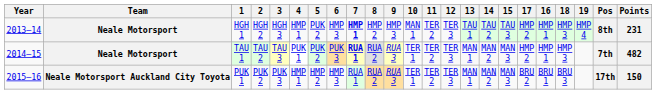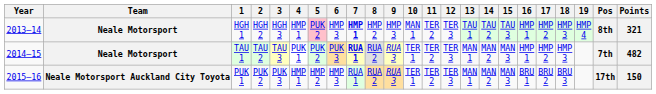 <table class="wikitable" style="text-align:center; font-size:85%">
 <tr>
 <th>Year</th>
 <th>Team</th>
 <th>1</th>
 <th>2</th>
 <th>3</th>
 <th>4</th>
 <th>5</th>
 <th>6</th>
 <th>7</th>
 <th>8</th>
 <th>9</th>
 <th>10</th>
 <th>11</th>
 <th>12</th>
 <th>13</th>
 <th>14</th>
 <th>15</th>
+<th>16</th>
 <th>17</th>
-<th>16</th>
 <th>18</th>
 <th>19</th>
 <th>Pos</th>
 <th>Points</th>
 </tr>
 <tr>
 <td nowrap><a href='#'>2013–14</a></td>
 <th nowrap>Neale Motorsport</th>
 <td><a href='#'>HGH<br>1</a></td>
 <td><a href='#'>HGH<br>2</a></td>
 <td><a href='#'>HGH<br>3</a></td>
 <td><a href='#'>HMP<br>1</a></td>
-<td><a href='#'>PUK<br>2</a></td>
+<td style="background: pink;"><a href='#'>PUK<br>2</a></td>
 <td><a href='#'>HMP<br>3</a></td>
 <td><strong><a href='#'>HMP<br>1</a></strong></td>
 <td><a href='#'>HMP<br>2</a></td>
 <td><a href='#'>HMP<br>3</a></td>
 <td><a href='#'>MAN<br>1</a></td>
 <td><a href='#'>TER<br>2</a></td>
 <td><a href='#'>TER<br>3</a></td>
 <td style="background:#DFFFDF;"><a href='#'>TAU<br>1</a><br></td>
 <td style="background:#DFFFDF;"><a href='#'>TAU<br>2</a><br></td>
 <td style="background:#DFFFDF;"><a href='#'>TAU<br>3</a><br></td>
+<td style="background:#DFFFDF;"><a href='#'>HMP<br>1</a><br></td>
 <td style="background:#DFFFDF;"><a href='#'>HMP<br>2</a><br></td>
-<td style="background:#DFFFDF;"><a href='#'>HMP<br>1</a><br></td>
 <td style="background:#DFFFDF;"><a href='#'>HMP<br>3</a><br></td>
 <td style="background:#DFFFDF;"><a href='#'>HMP<br>4</a><br></td>
 <th>8th</th>
-<th>231</th>
+<th>321</th>
 </tr>
 <tr>
 <td nowrap><a href='#'>2014–15</a></td>
 <th nowrap>Neale Motorsport</th>
 <td style="background:#DFFFDF;"><a href='#'>TAU<br>1</a><br></td>
 <td style="background:#DFFFDF;"><a href='#'>TAU<br>2</a><br></td>
 <td style="background:#FFFFBF;"><a href='#'>TAU<br>3</a><br></td>
 <td style="background:#FFFFFF;"><a href='#'>PUK<br>1</a><br></td>
 <td style="background:#DFFFDF;"><a href='#'>PUK<br>2</a><br></td>
 <td style="background:#FFDF9F;"><a href='#'>PUK<br>3</a><br></td>
 <td style="background:#FFFFBF;"><strong><a href='#'>RUA<br>1</a></strong><br></td>
 <td style="background:#DFDFDF;"><a href='#'>RUA<br>2</a><br></td>
 <td style="background:#FFFFBF;"><em><a href='#'>RUA<br>3</a></em><br></td>
 <td><a href='#'>TER<br>1</a></td>
 <td><a href='#'>TER<br>2</a></td>
 <td><a href='#'>TER<br>3</a></td>
 <td><a href='#'>MAN<br>1</a></td>
 <td><a href='#'>MAN<br>2</a></td>
 <td><a href='#'>MAN<br>3</a></td>
+<td><a href='#'>HMP<br>1</a></td>
 <td><a href='#'>HMP<br>2</a></td>
-<td><a href='#'>HMP<br>1</a></td>
 <td><a href='#'>HMP<br>3</a></td>
 <td></td>
 <th>7th</th>
 <th>482</th>
 </tr>
 <tr>
 <td nowrap><a href='#'>2015–16</a></td>
 <th nowrap>Neale Motorsport Auckland City Toyota</th>
 <td><a href='#'>PUK<br>1</a></td>
 <td><a href='#'>PUK<br>2</a></td>
 <td><a href='#'>PUK<br>3</a></td>
 <td><a href='#'>HMP<br>1</a></td>
 <td><a href='#'>HMP<br>2</a></td>
 <td><a href='#'>HMP<br>3</a></td>
 <td style="background:#DFFFDF;"><a href='#'>RUA<br>1</a><br></td>
 <td style="background:#FFDF9F;"><a href='#'>RUA<br>2</a><br></td>
 <td style="background:#FFDF9F;"><em><a href='#'>RUA<br>3</a></em><br></td>
 <td><a href='#'>TER<br>1</a></td>
 <td><a href='#'>TER<br>2</a></td>
 <td><a href='#'>TER<br>3</a></td>
 <td><a href='#'>MAN<br>1</a></td>
 <td><a href='#'>MAN<br>2</a></td>
 <td><a href='#'>MAN<br>3</a></td>
+<td><a href='#'>BRU<br>1</a></td>
 <td><a href='#'>BRU<br>2</a></td>
-<td><a href='#'>BRU<br>1</a></td>
 <td><a href='#'>BRU<br>3</a></td>
 <td></td>
 <th>17th</th>
 <th>150</th>
 </tr>
 </table>
